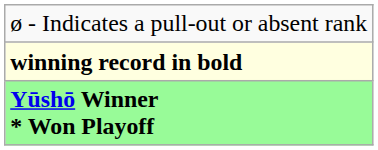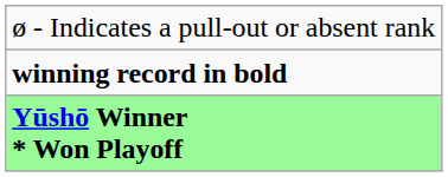 <table class="wikitable">
 <tr>
 <td>ø - Indicates a pull-out or absent rank</td>
 </tr>
 <tr>
-<td style="background: lightyellow;"><strong>winning record in bold</strong></td>
+<td><strong>winning record in bold</strong></td>
 </tr>
 <tr>
 <td style="background: PaleGreen;"><strong><a href='#'>Yūshō</a> Winner</strong><br><strong>* Won Playoff</strong></td>
 </tr>
 </table>
